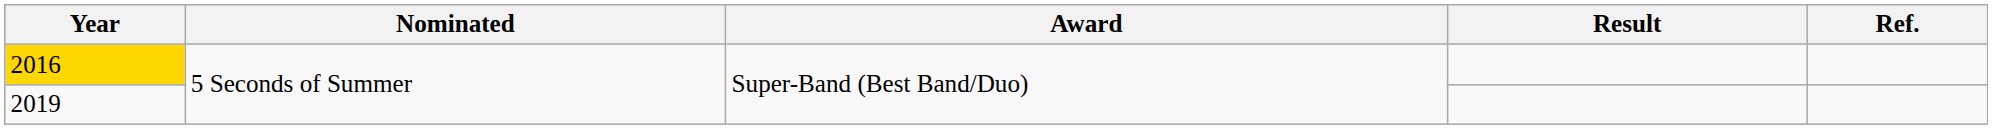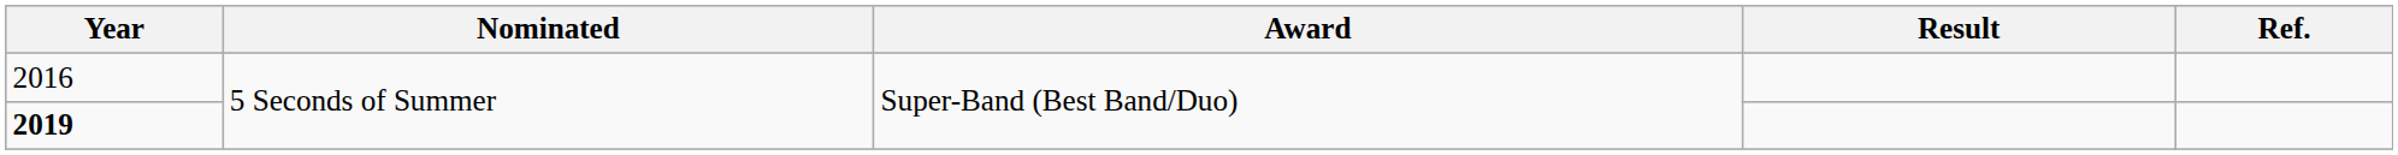 <table class="wikitable" style="width:100%;">
 <tr>
 <th width=5%>Year</th>
 <th style="width:15%;">Nominated</th>
 <th style="width:20%;">Award</th>
 <th style="width:10%;">Result</th>
 <th style="width:5%;">Ref.</th>
 </tr>
 <tr>
-<td style="background: gold;">2016</td>
+<td>2016</td>
 <td rowspan="2">5 Seconds of Summer</td>
 <td rowspan="2">Super-Band (Best Band/Duo)</td>
 <td></td>
 <td></td>
 </tr>
 <tr>
-<td>2019</td>
+<td><strong>2019</strong></td>
 <td></td>
 <td></td>
 </tr>
 </table>
